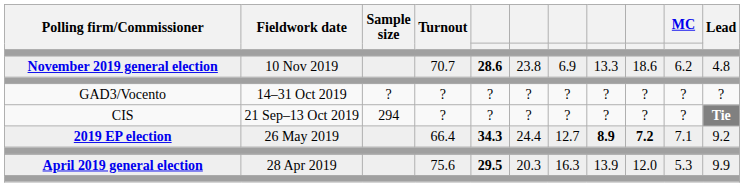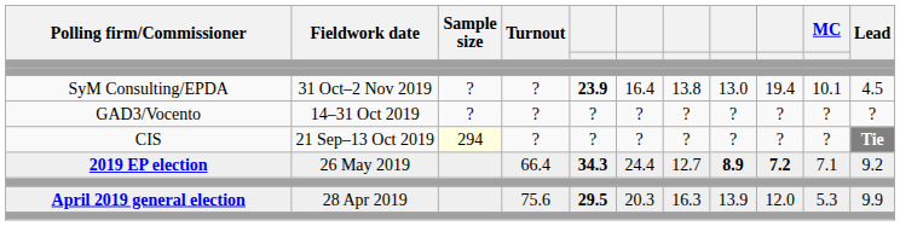 <table class="wikitable collapsible collapsed" style="text-align:center; font-size:95%; line-height:16px;">
 <tr style="height:42px;">
 <th style="width:250px;" rowspan="2">Polling firm/Commissioner</th>
 <th style="width:125px;" rowspan="2">Fieldwork date</th>
 <th style="width:50px;" rowspan="2">Sample size</th>
 <th style="width:45px;" rowspan="2">Turnout</th>
 <th style="width:35px;"></th>
 <th style="width:35px;"></th>
 <th style="width:35px;"></th>
 <th style="width:35px;"></th>
 <th style="width:35px;"></th>
 <th style="width:35px;"><a href='#'>MC</a></th>
 <th style="width:30px;" rowspan="2">Lead</th>
 </tr>
 <tr>
 <th style="color:inherit;background:"></th>
 <th style="color:inherit;background:"></th>
 <th style="color:inherit;background:"></th>
 <th style="color:inherit;background:"></th>
 <th style="color:inherit;background:"></th>
 <th style="color:inherit;background:"></th>
 </tr>
 <tr>
 <td colspan="11" style="background:#A0A0A0"></td>
 </tr>
-<tr style="background:#EFEFEF;">
-<td><strong><a href='#'>November 2019 general election</a></strong></td>
-<td>10 Nov 2019</td>
-<td></td>
-<td>70.7</td>
-<td><strong>28.6</strong><br></td>
-<td>23.8<br></td>
-<td>6.9<br></td>
-<td>13.3<br></td>
-<td>18.6<br></td>
-<td>6.2<br></td>
-<td style="background:">4.8</td>
+<tr>
+<td colspan="11" style="background:#A0A0A0"></td>
 </tr>
 <tr>
-<td colspan="11" style="background:#A0A0A0"></td>
+<td>SyM Consulting/EPDA</td>
+<td>31 Oct–2 Nov 2019</td>
+<td>?</td>
+<td>?</td>
+<td><strong>23.9</strong><br></td>
+<td>16.4<br></td>
+<td>13.8<br></td>
+<td>13.0<br></td>
+<td>19.4<br></td>
+<td>10.1<br></td>
+<td style="background:">4.5</td>
 </tr>
 <tr>
 <td>GAD3/Vocento</td>
 <td>14–31 Oct 2019</td>
 <td>?</td>
 <td>?</td>
 <td>?<br></td>
 <td>?<br></td>
 <td>?<br></td>
 <td>?<br></td>
 <td>?<br></td>
 <td>?<br></td>
 <td style="background:">?</td>
 </tr>
 <tr>
 <td>CIS</td>
 <td>21 Sep–13 Oct 2019</td>
-<td>294</td>
+<td style="background: lightyellow;">294</td>
 <td>?</td>
 <td>?<br></td>
 <td>?<br></td>
 <td>?<br></td>
 <td>?<br></td>
 <td>?<br></td>
 <td>?<br></td>
 <td style="background:gray;color:white;"><strong>Tie</strong></td>
 </tr>
 <tr style="background:#EFEFEF;">
 <td><strong><a href='#'>2019 EP election</a></strong></td>
 <td>26 May 2019</td>
 <td></td>
 <td>66.4</td>
 <td><strong>34.3</strong><br></td>
 <td>24.4<br></td>
 <td>12.7<br></td>
 <td><strong>8.9<br></strong></td>
 <td><strong>7.2<br></strong></td>
 <td>7.1<br></td>
 <td style="background:">9.2</td>
 </tr>
 <tr>
 <td colspan="11" style="background:#A0A0A0"></td>
 </tr>
 <tr style="background:#EFEFEF;">
 <td><strong><a href='#'>April 2019 general election</a></strong></td>
 <td>28 Apr 2019</td>
 <td></td>
 <td>75.6</td>
 <td><strong>29.5</strong><br></td>
 <td>20.3<br></td>
 <td>16.3<br></td>
 <td>13.9<br></td>
 <td>12.0<br></td>
 <td>5.3<br></td>
 <td style="background:">9.9</td>
 </tr>
 <tr>
 <td colspan="11" style="background:#A0A0A0"></td>
 </tr>
 </table>
